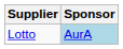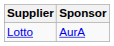 <table class="wikitable">
 <tr>
 <th>Supplier</th>
 <th>Sponsor</th>
 </tr>
 <tr>
 <td> <a href='#'>Lotto</a></td>
-<td style="background: lightblue;"> <a href='#'>AurA</a></td>
+<td> <a href='#'>AurA</a></td>
 </tr>
 </table>
